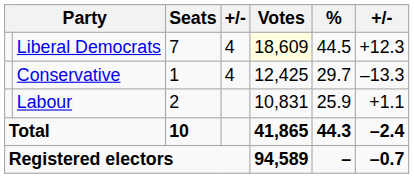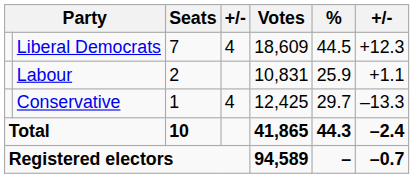 <table class="wikitable sortable">
 <tr>
 <th colspan="2">Party</th>
 <th>Seats</th>
 <th>+/-</th>
 <th>Votes</th>
 <th>%</th>
 <th>+/-</th>
 </tr>
 <tr>
 <td style="background-color: "></td>
 <td><a href='#'>Liberal Democrats</a></td>
 <td>7</td>
 <td> 4</td>
-<td style="background: lightyellow; text-align:right;">18,609</td>
+<td style="text-align:right;">18,609</td>
 <td style="text-align:right;">44.5</td>
 <td style="text-align:right;">+12.3</td>
+</tr>
+<tr>
+<td style="background-color: "></td>
+<td><a href='#'>Labour</a></td>
+<td>2</td>
+<td></td>
+<td style="text-align:right;">10,831</td>
+<td style="text-align:right;">25.9</td>
+<td style="text-align:right;">+1.1</td>
 </tr>
 <tr>
 <td style="background-color: "></td>
 <td><a href='#'>Conservative</a></td>
 <td>1</td>
 <td> 4</td>
 <td style="text-align:right;">12,425</td>
 <td style="text-align:right;">29.7</td>
 <td style="text-align:right;">–13.3</td>
-</tr>
-<tr>
-<td style="background-color: "></td>
-<td><a href='#'>Labour</a></td>
-<td>2</td>
-<td></td>
-<td style="text-align:right;">10,831</td>
-<td style="text-align:right;">25.9</td>
-<td style="text-align:right;">+1.1</td>
 </tr>
 <tr>
 <td colspan="2"><strong>Total</strong></td>
 <td><strong>10</strong></td>
 <td></td>
 <td style="text-align:right;"><strong>41,865</strong></td>
 <td style="text-align:right;"><strong>44.3</strong></td>
 <td style="text-align:right;"><strong>–2.4</strong></td>
 </tr>
 <tr>
 <td colspan="4"><strong>Registered electors</strong></td>
 <td style="text-align:right;"><strong>94,589</strong></td>
 <td style="text-align:right;"><strong>–</strong></td>
 <td style="text-align:right;"><strong>–0.7</strong></td>
 </tr>
 </table>
